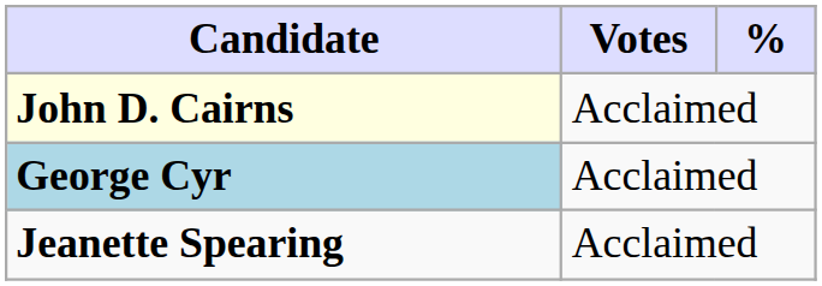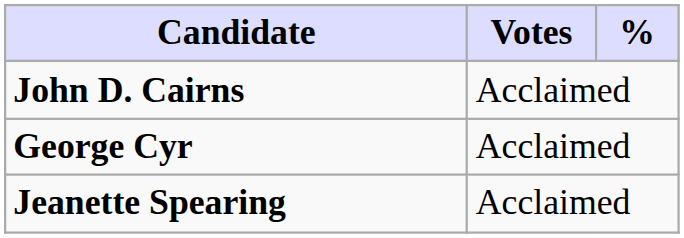 <table class="wikitable">
 <tr>
 <th style="background:#ddf; width:200px;">Candidate</th>
 <th style="background:#ddf; width:50px;">Votes</th>
 <th style="background:#ddf; width:30px;">%</th>
 </tr>
 <tr>
-<td style="background: lightyellow;"><strong>John D. Cairns</strong></td>
+<td><strong>John D. Cairns</strong></td>
 <td colspan="2">Acclaimed</td>
 </tr>
 <tr>
-<td style="background: lightblue;"><strong>George Cyr</strong></td>
+<td><strong>George Cyr</strong></td>
 <td colspan="2">Acclaimed</td>
 </tr>
 <tr>
 <td><strong>Jeanette Spearing</strong></td>
 <td colspan="2">Acclaimed</td>
 </tr>
 </table>
